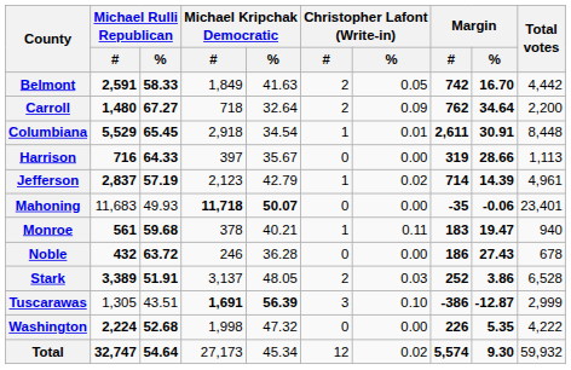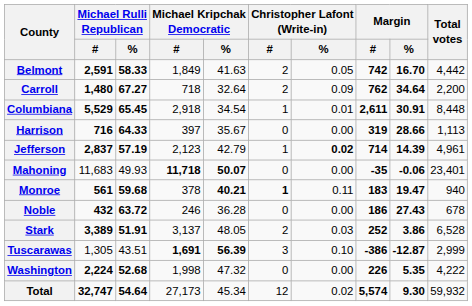 <table class="wikitable sortable" style="text-align:right;font-size:90%;line-height:1.3">
 <tr>
 <th rowspan="2">County</th>
 <th colspan="2"><a href='#'>Michael Rulli</a><br><a href='#'>Republican</a></th>
 <th colspan="2">Michael Kripchak<br><a href='#'>Democratic</a></th>
 <th colspan="2">Christopher Lafont<br>(Write-in)</th>
 <th colspan="2">Margin</th>
 <th rowspan="2">Total<br>votes</th>
 </tr>
 <tr>
 <th data-sort-type="number" style="text-align:center;">#</th>
 <th data-sort-type="number" style="text-align:center;">%</th>
 <th data-sort-type="number" style="text-align:center;">#</th>
 <th data-sort-type="number" style="text-align:center;">%</th>
 <th data-sort-type="number" style="text-align:center;">#</th>
 <th data-sort-type="number" style="text-align:center;">%</th>
 <th data-sort-type="number" style="text-align:center;">#</th>
 <th data-sort-type="number" style="text-align:center;">%</th>
 </tr>
 <tr>
 <th><a href='#'>Belmont</a></th>
 <td><strong>2,591</strong></td>
 <td><strong>58.33</strong></td>
 <td>1,849</td>
 <td>41.63</td>
 <td>2</td>
 <td>0.05</td>
 <td><strong>742</strong></td>
 <td><strong>16.70</strong></td>
 <td>4,442</td>
 </tr>
 <tr>
 <th><a href='#'>Carroll</a></th>
 <td><strong>1,480</strong></td>
 <td><strong>67.27</strong></td>
 <td>718</td>
 <td>32.64</td>
 <td>2</td>
 <td>0.09</td>
 <td><strong>762</strong></td>
 <td><strong>34.64</strong></td>
 <td>2,200</td>
 </tr>
 <tr>
 <th><a href='#'>Columbiana</a></th>
 <td><strong>5,529</strong></td>
 <td><strong>65.45</strong></td>
 <td>2,918</td>
 <td>34.54</td>
 <td>1</td>
 <td>0.01</td>
 <td><strong>2,611</strong></td>
 <td><strong>30.91</strong></td>
 <td>8,448</td>
 </tr>
 <tr>
 <th><a href='#'>Harrison</a></th>
 <td><strong>716</strong></td>
 <td><strong>64.33</strong></td>
 <td>397</td>
 <td>35.67</td>
 <td>0</td>
 <td>0.00</td>
 <td><strong>319</strong></td>
 <td><strong>28.66</strong></td>
 <td>1,113</td>
 </tr>
 <tr>
 <th><a href='#'>Jefferson</a></th>
 <td><strong>2,837</strong></td>
 <td><strong>57.19</strong></td>
 <td>2,123</td>
 <td>42.79</td>
 <td>1</td>
-<td>0.02</td>
+<td><strong>0.02</strong></td>
 <td><strong>714</strong></td>
 <td><strong>14.39</strong></td>
 <td>4,961</td>
 </tr>
 <tr>
 <th><a href='#'>Mahoning</a></th>
 <td>11,683</td>
 <td>49.93</td>
 <td><strong>11,718</strong></td>
 <td><strong>50.07</strong></td>
 <td>0</td>
 <td>0.00</td>
 <td><strong>-35</strong></td>
 <td><strong>-0.06</strong></td>
 <td>23,401</td>
 </tr>
 <tr>
 <th><a href='#'>Monroe</a></th>
 <td><strong>561</strong></td>
 <td><strong>59.68</strong></td>
 <td>378</td>
-<td>40.21</td>
-<td>1</td>
+<td><strong>40.21</strong></td>
+<td><strong>1</strong></td>
 <td>0.11</td>
 <td><strong>183</strong></td>
 <td><strong>19.47</strong></td>
 <td>940</td>
 </tr>
 <tr>
 <th><a href='#'>Noble</a></th>
 <td><strong>432</strong></td>
 <td><strong>63.72</strong></td>
 <td>246</td>
 <td>36.28</td>
 <td>0</td>
 <td>0.00</td>
 <td><strong>186</strong></td>
 <td><strong>27.43</strong></td>
 <td>678</td>
 </tr>
 <tr>
 <th><a href='#'>Stark</a></th>
 <td><strong>3,389</strong></td>
 <td><strong>51.91</strong></td>
 <td>3,137</td>
 <td>48.05</td>
 <td>2</td>
 <td>0.03</td>
 <td><strong>252</strong></td>
 <td><strong>3.86</strong></td>
 <td>6,528</td>
 </tr>
 <tr>
 <th><a href='#'>Tuscarawas</a></th>
 <td>1,305</td>
 <td>43.51</td>
 <td><strong>1,691</strong></td>
 <td><strong>56.39</strong></td>
 <td>3</td>
 <td>0.10</td>
 <td><strong>-386</strong></td>
 <td><strong>-12.87</strong></td>
 <td>2,999</td>
 </tr>
 <tr>
 <th><a href='#'>Washington</a></th>
 <td><strong>2,224</strong></td>
 <td><strong>52.68</strong></td>
 <td>1,998</td>
 <td>47.32</td>
 <td>0</td>
 <td>0.00</td>
 <td><strong>226</strong></td>
 <td><strong>5.35</strong></td>
 <td>4,222</td>
 </tr>
 <tr class="sortbottom">
 <th>Total</th>
 <td><strong>32,747</strong></td>
 <td><strong>54.64</strong></td>
 <td>27,173</td>
 <td>45.34</td>
 <td>12</td>
 <td>0.02</td>
 <td><strong>5,574</strong></td>
 <td><strong>9.30</strong></td>
 <td>59,932</td>
 </tr>
 </table>
